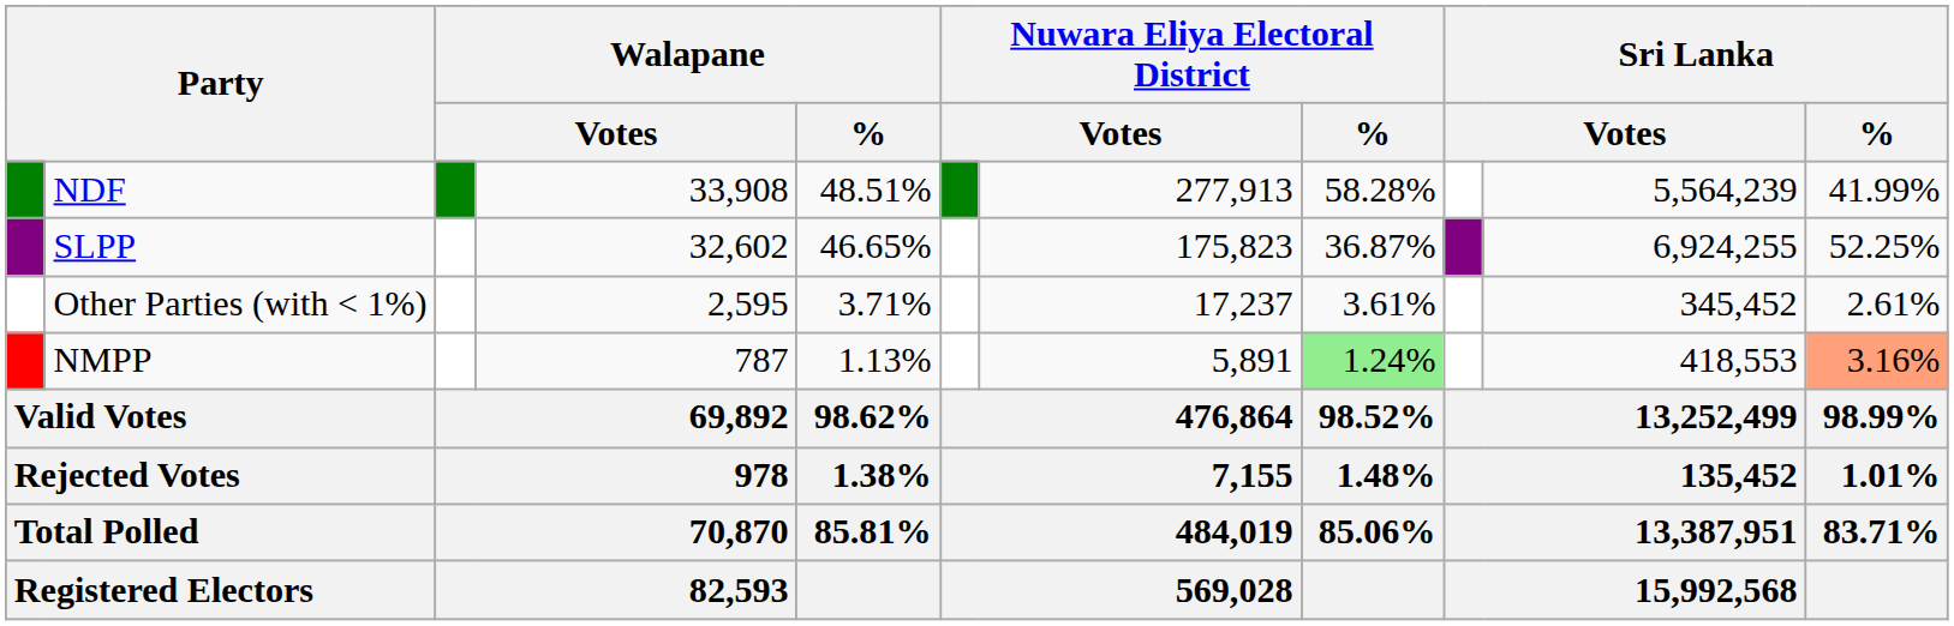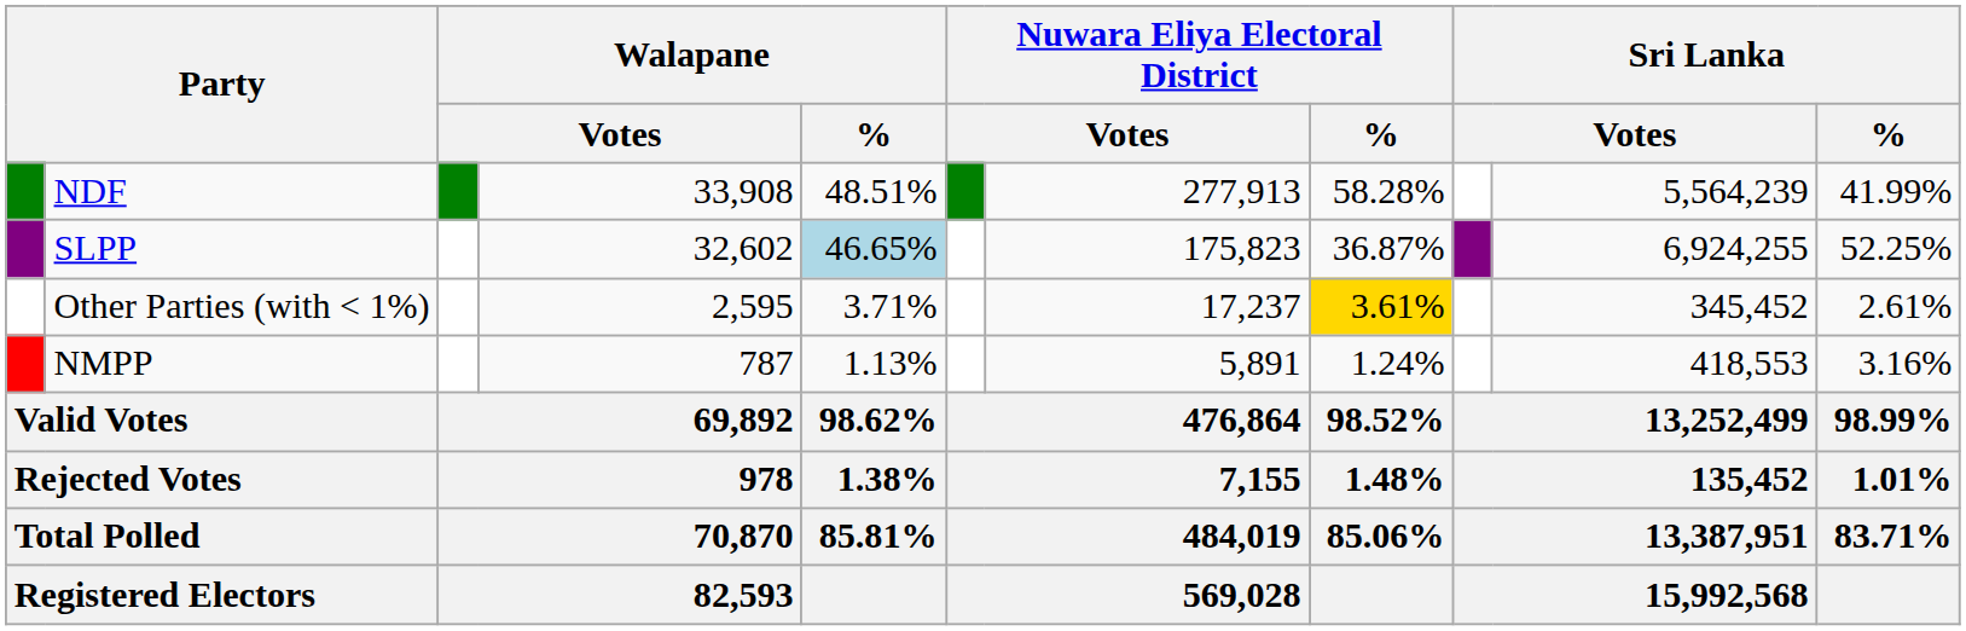 <table class="wikitable">
 <tr>
 <th colspan="2" width="144px"rowspan="2">Party</th>
 <th colspan="3" width="216px">Walapane</th>
 <th colspan="3" width="216px"><a href='#'>Nuwara Eliya Electoral District</a></th>
 <th colspan="3" width="216px">Sri Lanka</th>
 </tr>
 <tr>
 <th colspan="2" width="144px">Votes</th>
 <th>%</th>
 <th colspan="2" width="144px">Votes</th>
 <th>%</th>
 <th colspan="2" width="144px">Votes</th>
 <th>%</th>
 </tr>
 <tr>
 <td style="background-color:green;" width="10px"></td>
 <td style="text-align:left;"><a href='#'>NDF</a></td>
 <td style="background-color:green;" width="10px"></td>
 <td style="text-align:right;">33,908</td>
 <td style="text-align:right;">48.51%</td>
 <td style="background-color:green;" width="10px"></td>
 <td style="text-align:right;">277,913</td>
 <td style="text-align:right;">58.28%</td>
 <td style="background-color:white;" width="10px"></td>
 <td style="text-align:right;">5,564,239</td>
 <td style="text-align:right;">41.99%</td>
 </tr>
 <tr>
 <td style="background-color:purple;" width="10px"></td>
 <td style="text-align:left;"><a href='#'>SLPP</a></td>
 <td style="background-color:white;" width="10px"></td>
 <td style="text-align:right;">32,602</td>
-<td style="text-align:right;">46.65%</td>
+<td style="background: lightblue; text-align:right;">46.65%</td>
 <td style="background-color:white;" width="10px"></td>
 <td style="text-align:right;">175,823</td>
 <td style="text-align:right;">36.87%</td>
 <td style="background-color:purple;" width="10px"></td>
 <td style="text-align:right;">6,924,255</td>
 <td style="text-align:right;">52.25%</td>
 </tr>
 <tr>
 <td style="background-color:white;" width="10px"></td>
 <td style="text-align:left;">Other Parties (with < 1%)</td>
 <td style="background-color:white;" width="10px"></td>
 <td style="text-align:right;">2,595</td>
 <td style="text-align:right;">3.71%</td>
 <td style="background-color:white;" width="10px"></td>
 <td style="text-align:right;">17,237</td>
-<td style="text-align:right;">3.61%</td>
+<td style="background: gold; text-align:right;">3.61%</td>
 <td style="background-color:white;" width="10px"></td>
 <td style="text-align:right;">345,452</td>
 <td style="text-align:right;">2.61%</td>
 </tr>
 <tr>
 <td style="background-color:red;" width="10px"></td>
 <td style="text-align:left;">NMPP</td>
 <td style="background-color:white;" width="10px"></td>
 <td style="text-align:right;">787</td>
 <td style="text-align:right;">1.13%</td>
 <td style="background-color:white;" width="10px"></td>
 <td style="text-align:right;">5,891</td>
-<td style="background: lightgreen; text-align:right;">1.24%</td>
+<td style="text-align:right;">1.24%</td>
 <td style="background-color:white;" width="10px"></td>
 <td style="text-align:right;">418,553</td>
-<td style="background: lightsalmon; text-align:right;">3.16%</td>
+<td style="text-align:right;">3.16%</td>
 </tr>
 <tr>
 <th colspan="2" width="144px"style="text-align:left;">Valid Votes</th>
 <th style="text-align:right;"colspan="2" width="144px">69,892</th>
 <th style="text-align:right;">98.62%</th>
 <th style="text-align:right;"colspan="2" width="144px">476,864</th>
 <th style="text-align:right;">98.52%</th>
 <th style="text-align:right;"colspan="2" width="144px">13,252,499</th>
 <th style="text-align:right;">98.99%</th>
 </tr>
 <tr>
 <th colspan="2" width="144px"style="text-align:left;">Rejected Votes</th>
 <th style="text-align:right;"colspan="2" width="144px">978</th>
 <th style="text-align:right;">1.38%</th>
 <th style="text-align:right;"colspan="2" width="144px">7,155</th>
 <th style="text-align:right;">1.48%</th>
 <th style="text-align:right;"colspan="2" width="144px">135,452</th>
 <th style="text-align:right;">1.01%</th>
 </tr>
 <tr>
 <th colspan="2" width="144px"style="text-align:left;">Total Polled</th>
 <th style="text-align:right;"colspan="2" width="144px">70,870</th>
 <th style="text-align:right;">85.81%</th>
 <th style="text-align:right;"colspan="2" width="144px">484,019</th>
 <th style="text-align:right;">85.06%</th>
 <th style="text-align:right;"colspan="2" width="144px">13,387,951</th>
 <th style="text-align:right;">83.71%</th>
 </tr>
 <tr>
 <th colspan="2" width="144px"style="text-align:left;">Registered Electors</th>
 <th style="text-align:right;"colspan="2" width="144px">82,593</th>
 <th></th>
 <th style="text-align:right;"colspan="2" width="144px">569,028</th>
 <th></th>
 <th style="text-align:right;"colspan="2" width="144px">15,992,568</th>
 <th></th>
 </tr>
 </table>
